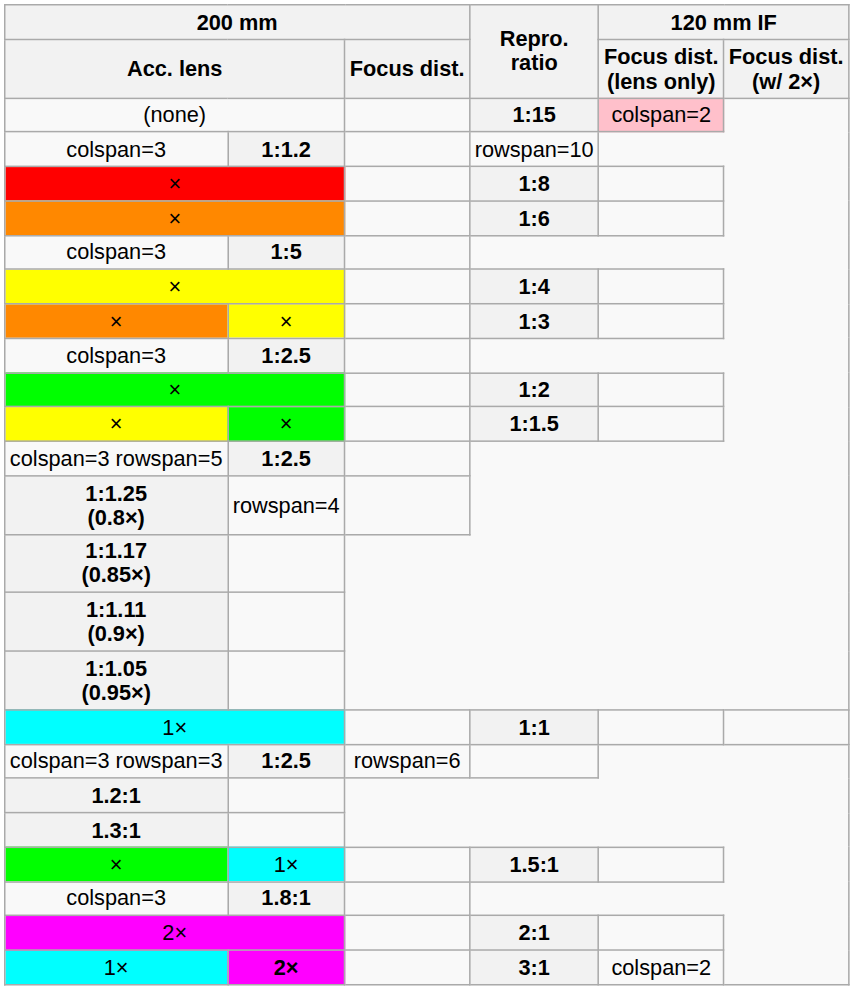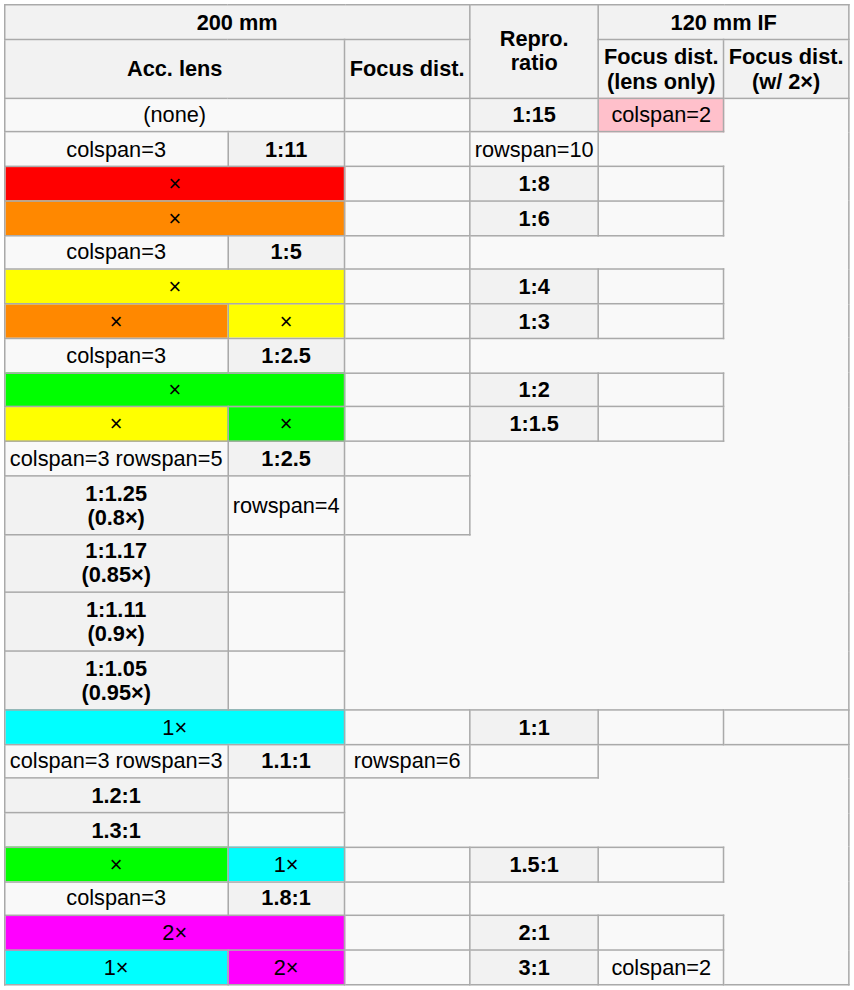 <table class="wikitable" style="font-size:90%;text-align:center;">
 <tr>
 <th colspan=3>200 mm </th>
 <th rowspan=2>Repro.<br>ratio</th>
 <th colspan=2>120 mm  IF</th>
 </tr>
 <tr>
 <th colspan=2>Acc. lens</th>
 <th>Focus dist.</th>
 <th>Focus dist.<br>(lens only)</th>
 <th>Focus dist.<br>(w/ 2×)</th>
 </tr>
 <tr>
 <td colspan=2>(none)</td>
 <td></td>
 <th>1:15</th>
 <td style="background: pink;">colspan=2 </td>
 </tr>
 <tr>
 <td>colspan=3 </td>
-<th>1:1.2</th>
+<th>1:11</th>
 <td></td>
 <td>rowspan=10 </td>
 </tr>
 <tr>
 <td colspan=2 style="background:#f00;">×</td>
 <td></td>
 <th>1:8</th>
 <td></td>
 </tr>
 <tr>
 <td colspan=2 style="background:#f80;">×</td>
 <td></td>
 <th>1:6</th>
 <td></td>
 </tr>
 <tr>
 <td>colspan=3 </td>
 <th>1:5</th>
 <td></td>
 </tr>
 <tr>
 <td colspan=2 style="background:#ff0;">×</td>
 <td></td>
 <th>1:4</th>
 <td></td>
 </tr>
 <tr>
 <td style="background:#f80;">×</td>
 <td style="background:#ff0;">×</td>
 <td></td>
 <th>1:3</th>
 <td></td>
 </tr>
 <tr>
 <td>colspan=3 </td>
 <th>1:2.5</th>
 <td></td>
 </tr>
 <tr>
 <td colspan=2 style="background:#0f0;">×</td>
 <td></td>
 <th>1:2</th>
 <td></td>
 </tr>
 <tr>
 <td style="background:#ff0;">×</td>
 <td style="background:#0f0;">×</td>
 <td></td>
 <th>1:1.5</th>
 <td></td>
 </tr>
 <tr>
 <td>colspan=3 rowspan=5 </td>
 <th>1:2.5</th>
 <td></td>
 </tr>
 <tr>
 <th>1:1.25<br>(0.8×)</th>
 <td>rowspan=4 </td>
 <td></td>
 </tr>
 <tr>
 <th>1:1.17<br>(0.85×)</th>
 <td></td>
 </tr>
 <tr>
 <th>1:1.11<br>(0.9×)</th>
 <td></td>
 </tr>
 <tr>
 <th>1:1.05<br>(0.95×)</th>
 <td></td>
 </tr>
 <tr>
 <td colspan=2 style="background:#0ff;">1×</td>
 <td></td>
 <th>1:1</th>
 <td></td>
 <td></td>
 </tr>
 <tr>
 <td>colspan=3 rowspan=3 </td>
-<th>1:2.5</th>
+<th>1.1:1</th>
 <td>rowspan=6 </td>
 <td></td>
 </tr>
 <tr>
 <th>1.2:1</th>
 <td></td>
 </tr>
 <tr>
 <th>1.3:1</th>
 <td></td>
 </tr>
 <tr>
 <td style="background:#0f0;">×</td>
 <td style="background:#0ff;">1×</td>
 <td></td>
 <th>1.5:1</th>
 <td></td>
 </tr>
 <tr>
 <td>colspan=3 </td>
 <th>1.8:1</th>
 <td></td>
 </tr>
 <tr>
 <td colspan=2 style="background:#f0f;">2×</td>
 <td></td>
 <th>2:1</th>
 <td></td>
 </tr>
 <tr>
 <td style="background:#0ff;">1×</td>
-<td style="background:#f0f;"><strong>2×</strong></td>
+<td style="background:#f0f;">2×</td>
 <td></td>
 <th>3:1</th>
 <td>colspan=2 </td>
 </tr>
 </table>
